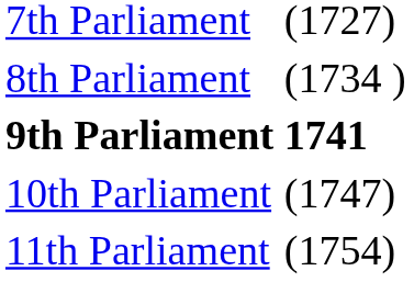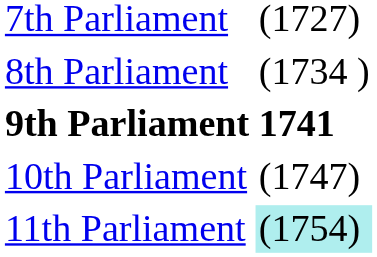 <table id=toc style="float:right">
 <tr>
 <td><a href='#'>7th Parliament</a></td>
 <td>(1727)</td>
 </tr>
 <tr>
 <td><a href='#'>8th Parliament</a></td>
 <td>(1734 )</td>
 </tr>
 <tr>
 <td><strong>9th Parliament</strong></td>
 <td><strong>1741</strong></td>
 </tr>
 <tr>
 <td><a href='#'>10th Parliament</a></td>
 <td>(1747)</td>
 </tr>
 <tr>
 <td><a href='#'>11th Parliament</a></td>
-<td>(1754)</td>
+<td style="background: paleturquoise;">(1754)</td>
 </tr>
 </table>
